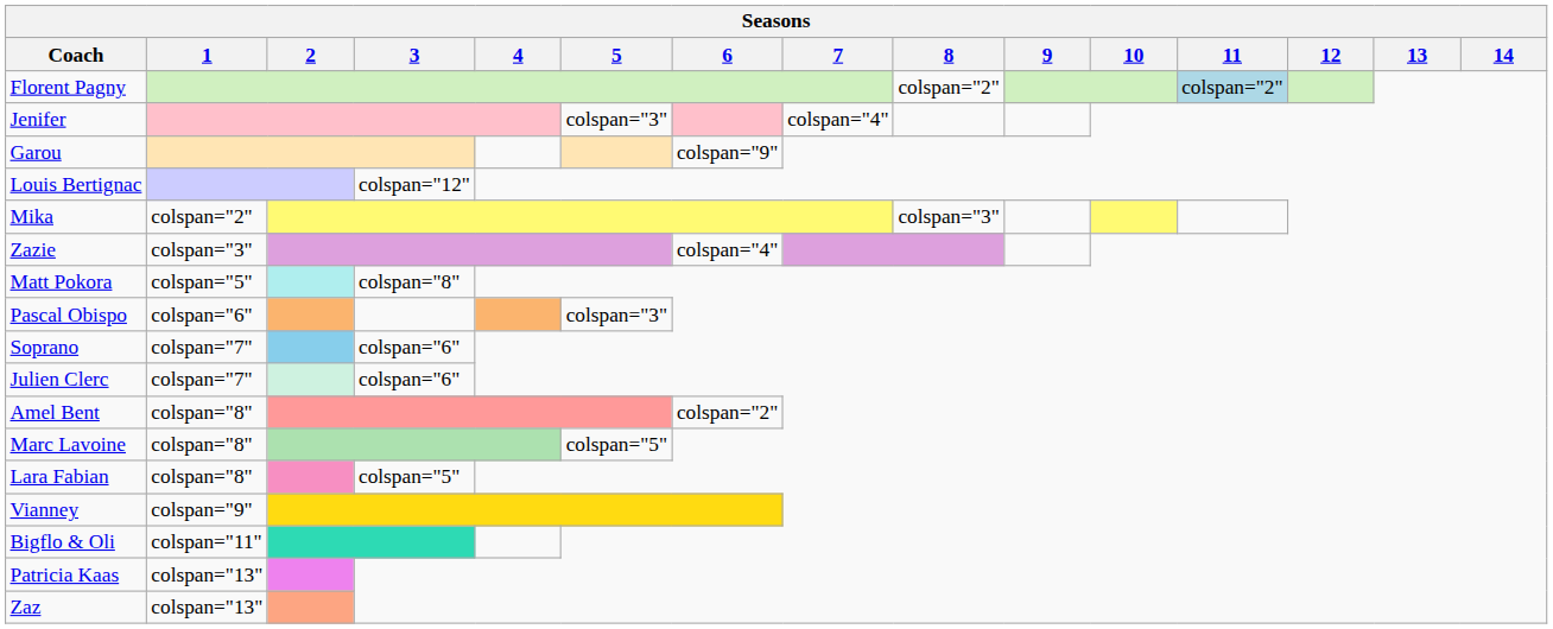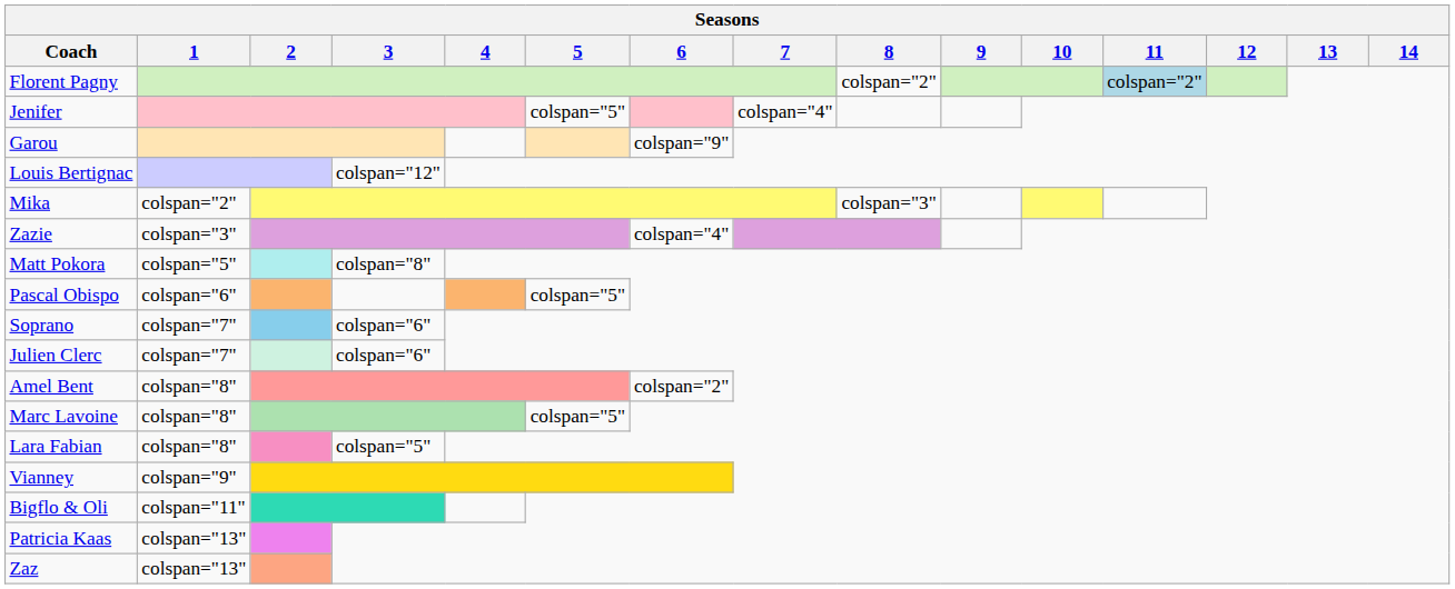 <table class="wikitable">
 <tr>
 <th colspan="15">Seasons</th>
 </tr>
 <tr>
 <th>Coach</th>
 <th width="60"><a href='#'>1</a></th>
 <th width="60"><a href='#'>2</a></th>
 <th width="60"><a href='#'>3</a></th>
 <th width="60"><a href='#'>4</a></th>
 <th width="60"><a href='#'>5</a></th>
 <th width="60"><a href='#'>6</a></th>
 <th width="60"><a href='#'>7</a></th>
 <th width="60"><a href='#'>8</a></th>
 <th width="60"><a href='#'>9</a></th>
 <th width="60"><a href='#'>10</a></th>
 <th width="60"><a href='#'>11</a></th>
 <th width="60"><a href='#'>12</a></th>
 <th width="60"><a href='#'>13</a></th>
 <th width="60"><a href='#'>14</a></th>
 </tr>
 <tr>
 <td><a href='#'>Florent Pagny</a></td>
 <td colspan="7" bgcolor="#d0f0c0"></td>
 <td>colspan="2" </td>
 <td colspan="2" bgcolor="#d0f0c0"></td>
 <td style="background: lightblue;">colspan="2" </td>
 <td bgcolor="#d0f0c0"></td>
 </tr>
 <tr>
 <td><a href='#'>Jenifer</a></td>
 <td colspan="4" bgcolor="pink"></td>
-<td>colspan="3" </td>
+<td>colspan="5" </td>
 <td bgcolor="pink"></td>
 <td>colspan="4" </td>
 <td></td>
 <td></td>
 </tr>
 <tr>
 <td><a href='#'>Garou</a></td>
 <td colspan="3" bgcolor="#ffe5b4"></td>
 <td></td>
 <td bgcolor="#ffe5b4"></td>
 <td>colspan="9" </td>
 </tr>
 <tr>
 <td><a href='#'>Louis Bertignac</a></td>
 <td colspan="2" bgcolor="#ccf"></td>
 <td>colspan="12" </td>
 </tr>
 <tr>
 <td><a href='#'>Mika</a></td>
 <td>colspan="2" </td>
 <td colspan="6" bgcolor="#fffa73"></td>
 <td>colspan="3" </td>
 <td></td>
 <td colspan="1" bgcolor="#fffa73"></td>
 <td></td>
 </tr>
 <tr>
 <td><a href='#'>Zazie</a></td>
 <td>colspan="3" </td>
 <td colspan="4" bgcolor="#dda0dd"></td>
 <td>colspan="4" </td>
 <td colspan="2" bgcolor="#dda0dd"></td>
 <td></td>
 </tr>
 <tr>
 <td><a href='#'>Matt Pokora</a></td>
 <td>colspan="5" </td>
 <td bgcolor="#afeeee"></td>
 <td>colspan="8" </td>
 </tr>
 <tr>
 <td><a href='#'>Pascal Obispo</a></td>
 <td>colspan="6" </td>
 <td bgcolor="#fbb46e"></td>
 <td></td>
 <td bgcolor="#fbb46e"></td>
-<td>colspan="3" </td>
+<td>colspan="5" </td>
 </tr>
 <tr>
 <td><a href='#'>Soprano</a></td>
 <td>colspan="7" </td>
 <td style="background:#87ceeb"></td>
 <td>colspan="6" </td>
 </tr>
 <tr>
 <td><a href='#'>Julien Clerc</a></td>
 <td>colspan="7" </td>
 <td bgcolor="#cef2e0"></td>
 <td>colspan="6" </td>
 </tr>
 <tr>
 <td><a href='#'>Amel Bent</a></td>
 <td>colspan="8" </td>
 <td colspan="4" bgcolor="#ff9999"></td>
 <td>colspan="2" </td>
 </tr>
 <tr>
 <td><a href='#'>Marc Lavoine</a></td>
 <td>colspan="8" </td>
 <td colspan="3" bgcolor="#ace1af"></td>
 <td>colspan="5" </td>
 </tr>
 <tr>
 <td><a href='#'>Lara Fabian</a></td>
 <td>colspan="8" </td>
 <td bgcolor="#F78FC2"></td>
 <td>colspan="5" </td>
 </tr>
 <tr>
 <td><a href='#'>Vianney</a></td>
 <td>colspan="9" </td>
 <td colspan="5" bgcolor="#ffdb11"></td>
 </tr>
 <tr>
 <td><a href='#'>Bigflo & Oli</a></td>
 <td>colspan="11" </td>
 <td colspan="2" bgcolor="#2ddab4"></td>
 <td></td>
 </tr>
 <tr>
 <td><a href='#'>Patricia Kaas</a></td>
 <td>colspan="13" </td>
 <td colspan="1" bgcolor="#ee82ee"></td>
 </tr>
 <tr>
 <td><a href='#'>Zaz</a></td>
 <td>colspan="13" </td>
 <td colspan="1" bgcolor="FDA582"></td>
 </tr>
 </table>
